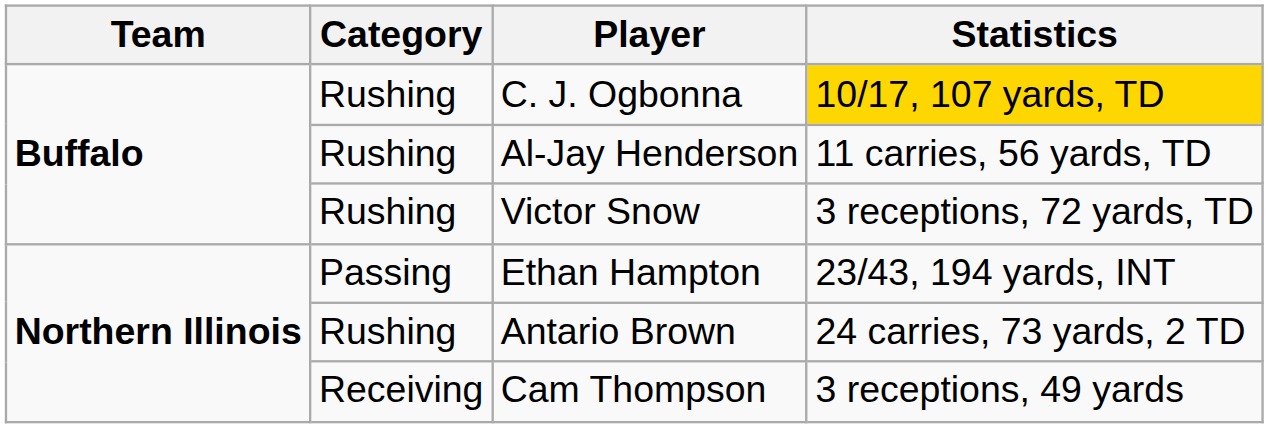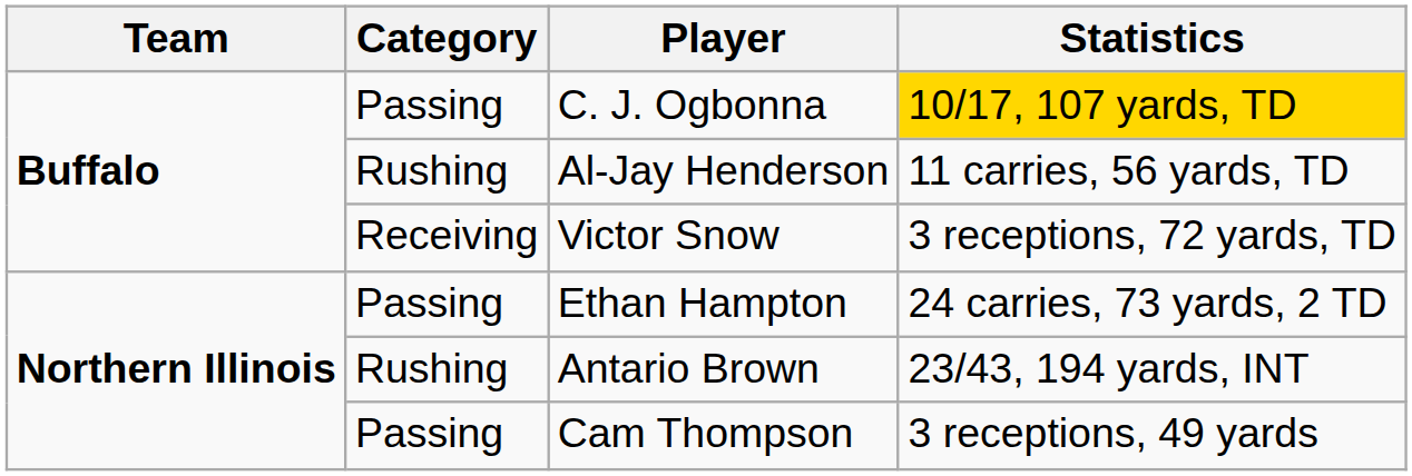 <table class="wikitable" style="float: right;">
 <tr>
 <th>Team</th>
 <th>Category</th>
 <th>Player</th>
 <th>Statistics</th>
 </tr>
 <tr>
 <td rowspan=3><strong>Buffalo</strong></td>
-<td>Rushing</td>
+<td>Passing</td>
 <td>C. J. Ogbonna</td>
 <td style="background: gold;">10/17, 107 yards, TD</td>
 </tr>
 <tr>
 <td>Rushing</td>
 <td>Al-Jay Henderson</td>
 <td>11 carries, 56 yards, TD</td>
 </tr>
 <tr>
-<td>Rushing</td>
+<td>Receiving</td>
 <td>Victor Snow</td>
 <td>3 receptions, 72 yards, TD</td>
 </tr>
 <tr>
 <td rowspan=3><strong>Northern Illinois</strong></td>
 <td>Passing</td>
 <td>Ethan Hampton</td>
-<td>23/43, 194 yards, INT</td>
+<td>24 carries, 73 yards, 2 TD</td>
 </tr>
 <tr>
 <td>Rushing</td>
 <td>Antario Brown</td>
-<td>24 carries, 73 yards, 2 TD</td>
+<td>23/43, 194 yards, INT</td>
 </tr>
 <tr>
-<td>Receiving</td>
+<td>Passing</td>
 <td>Cam Thompson</td>
 <td>3 receptions, 49 yards</td>
 </tr>
 </table>
